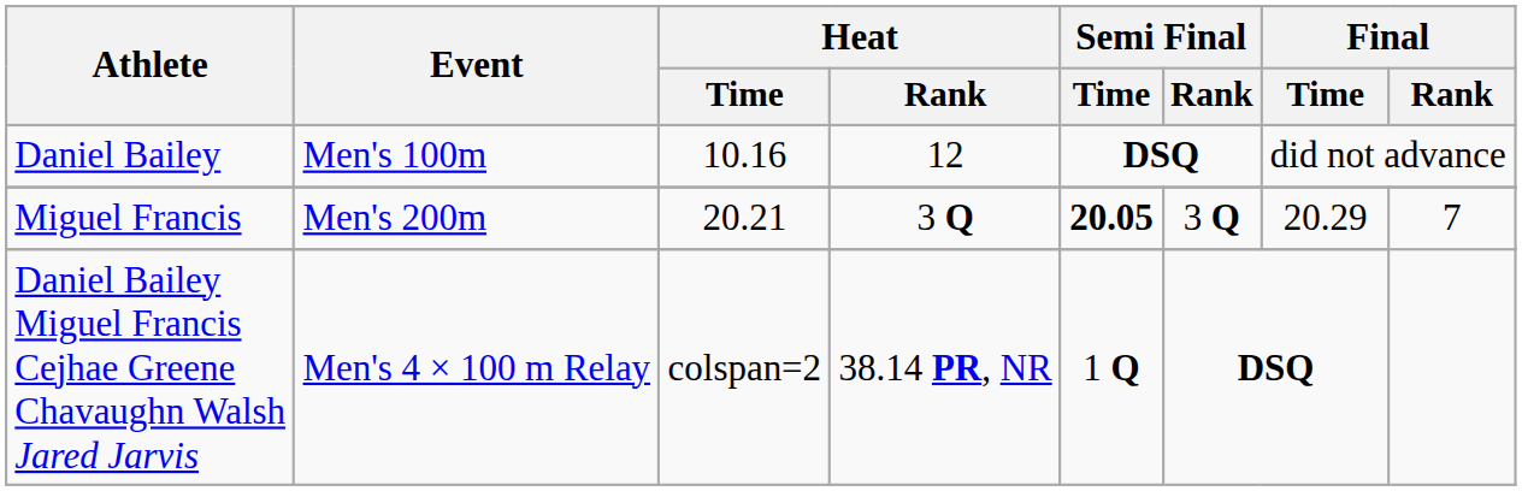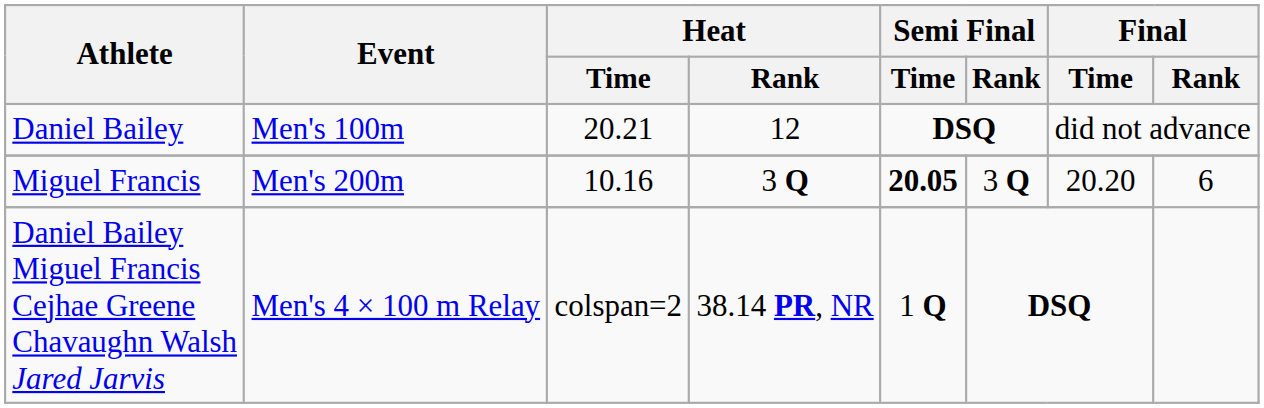 <table class=wikitable style="font-size:90%">
 <tr>
 <th rowspan="2">Athlete</th>
 <th rowspan="2">Event</th>
 <th colspan="2">Heat</th>
 <th colspan="2">Semi Final</th>
 <th colspan="2">Final</th>
 </tr>
 <tr style="font-size:95%">
 <th>Time</th>
 <th>Rank</th>
 <th>Time</th>
 <th>Rank</th>
 <th>Time</th>
 <th>Rank</th>
 </tr>
 <tr align=center>
 <td align=left rowspan="1"><a href='#'>Daniel Bailey</a></td>
 <td align=left><a href='#'>Men's 100m</a></td>
-<td align=center>10.16</td>
+<td>20.21</td>
 <td align=center>12</td>
 <td align=center colspan=2><strong>DSQ</strong></td>
 <td align=center colspan=2>did not advance</td>
 </tr>
 <tr>
 </tr>
 <tr align=center>
 <td align=left rowspan="1"><a href='#'>Miguel Francis</a></td>
 <td align=left><a href='#'>Men's 200m</a></td>
-<td>20.21</td>
+<td align=center>10.16</td>
 <td>3 <strong>Q</strong></td>
 <td><strong>20.05</strong></td>
 <td>3 <strong>Q</strong></td>
-<td>20.29</td>
-<td>7</td>
+<td>20.20</td>
+<td>6</td>
 </tr>
 <tr>
 </tr>
 <tr align=center>
 <td align=left rowspan="1"><a href='#'>Daniel Bailey</a><br><a href='#'>Miguel Francis</a><br><a href='#'>Cejhae Greene</a><br><a href='#'>Chavaughn Walsh</a><br><em><a href='#'>Jared Jarvis</a></em></td>
 <td align=left><a href='#'>Men's 4 × 100 m Relay</a></td>
 <td>colspan=2 </td>
 <td>38.14 <strong><a href='#'>PR</a></strong>, <a href='#'>NR</a></td>
 <td>1 <strong>Q</strong></td>
 <td align=center colspan=2><strong>DSQ</strong></td>
 </tr>
 </table>
